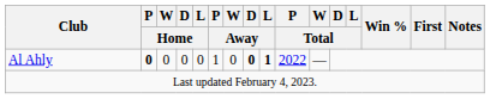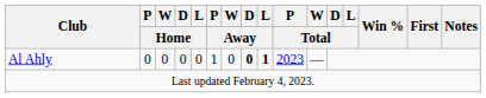 <table class="wikitable sortable" style="text-align:center;">
 <tr>
 <th width="150" rowspan="2">Club</th>
 <th>P</th>
 <th>W</th>
 <th>D</th>
 <th>L</th>
 <th>P</th>
 <th>W</th>
 <th>D</th>
 <th>L</th>
 <th>P</th>
 <th>W</th>
 <th>D</th>
 <th>L</th>
 <th rowspan="2">Win %</th>
 <th rowspan="2">First</th>
 <th class="unsortable" rowspan="2">Notes</th>
 </tr>
 <tr class="unsortable">
 <th colspan="4">Home</th>
 <th colspan="4">Away</th>
 <th colspan="4">Total</th>
 </tr>
 <tr>
 <td align="left"> <a href='#'>Al Ahly</a></td>
-<td><strong>0</strong></td>
+<td>0</td>
 <td>0</td>
 <td>0</td>
 <td>0<br></td>
 <td>1</td>
 <td>0</td>
 <td><strong>0</strong></td>
 <td><strong>1<br> </strong></td>
-<td><a href='#'>2022</a></td>
+<td><a href='#'>2023</a></td>
 <td>—</td>
 </tr>
 <tr class="sortbottom">
 <td class="unsortable" colspan="18"><small>Last updated February 4, 2023.</small></td>
 </tr>
 </table>
